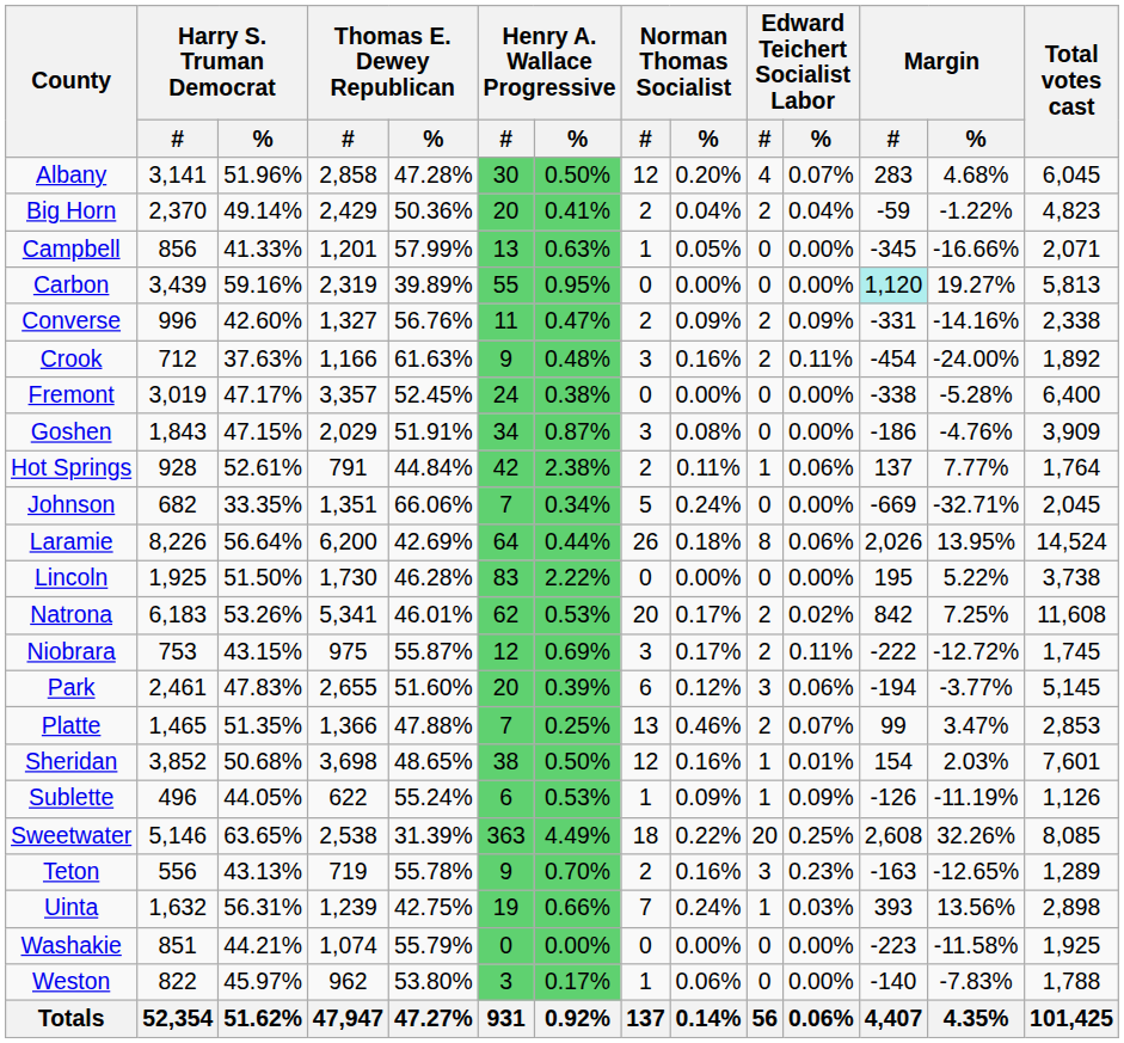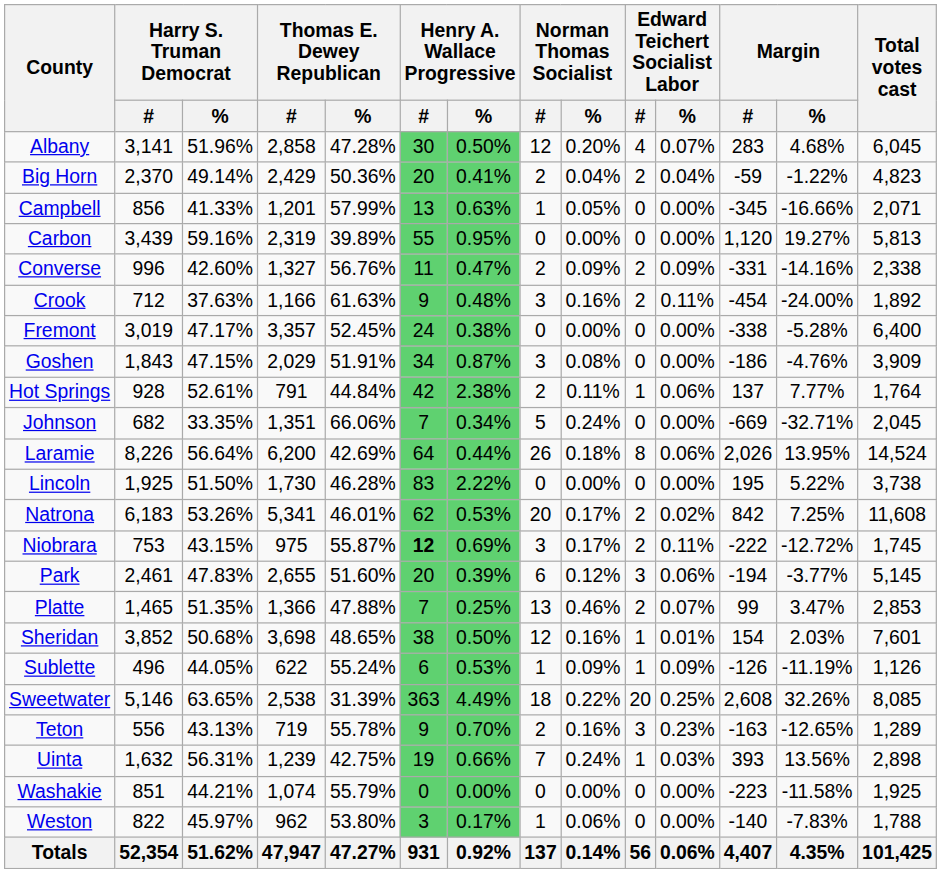 <table width="60%" class="wikitable sortable" style="text-align:center">
 <tr>
 <th style="text-align:center;" rowspan="2">County</th>
 <th style="text-align:center;" colspan="2">Harry S. Truman<br>Democrat</th>
 <th style="text-align:center;" colspan="2">Thomas E. Dewey<br>Republican</th>
 <th style="text-align:center;" colspan="2">Henry A. Wallace<br>Progressive</th>
 <th style="text-align:center;" colspan="2">Norman Thomas<br>Socialist</th>
 <th style="text-align:center;" colspan="2">Edward Teichert<br>Socialist Labor</th>
 <th style="text-align:center;" colspan="2">Margin</th>
 <th style="text-align:center;" rowspan="2">Total votes cast</th>
 </tr>
 <tr>
 <th style="text-align:center;" data-sort-type="number">#</th>
 <th style="text-align:center;" data-sort-type="number">%</th>
 <th style="text-align:center;" data-sort-type="number">#</th>
 <th style="text-align:center;" data-sort-type="number">%</th>
 <th style="text-align:center;" data-sort-type="number">#</th>
 <th style="text-align:center;" data-sort-type="number">%</th>
 <th style="text-align:center;" data-sort-type="number">#</th>
 <th style="text-align:center;" data-sort-type="number">%</th>
 <th style="text-align:center;" data-sort-type="number">#</th>
 <th style="text-align:center;" data-sort-type="number">%</th>
 <th style="text-align:center;" data-sort-type="number">#</th>
 <th style="text-align:center;" data-sort-type="number">%</th>
 </tr>
 <tr style="text-align:center;">
 <td><a href='#'>Albany</a></td>
 <td>3,141</td>
 <td>51.96%</td>
 <td>2,858</td>
 <td>47.28%</td>
 <td bgcolor="#5FD170">30</td>
 <td bgcolor="#5FD170">0.50%</td>
 <td>12</td>
 <td>0.20%</td>
 <td>4</td>
 <td>0.07%</td>
 <td>283</td>
 <td>4.68%</td>
 <td>6,045</td>
 </tr>
 <tr style="text-align:center;">
 <td><a href='#'>Big Horn</a></td>
 <td>2,370</td>
 <td>49.14%</td>
 <td>2,429</td>
 <td>50.36%</td>
 <td bgcolor="#5FD170">20</td>
 <td bgcolor="#5FD170">0.41%</td>
 <td>2</td>
 <td>0.04%</td>
 <td>2</td>
 <td>0.04%</td>
 <td>-59</td>
 <td>-1.22%</td>
 <td>4,823</td>
 </tr>
 <tr style="text-align:center;">
 <td><a href='#'>Campbell</a></td>
 <td>856</td>
 <td>41.33%</td>
 <td>1,201</td>
 <td>57.99%</td>
 <td bgcolor="#5FD170">13</td>
 <td bgcolor="#5FD170">0.63%</td>
 <td>1</td>
 <td>0.05%</td>
 <td>0</td>
 <td>0.00%</td>
 <td>-345</td>
 <td>-16.66%</td>
 <td>2,071</td>
 </tr>
 <tr style="text-align:center;">
 <td><a href='#'>Carbon</a></td>
 <td>3,439</td>
 <td>59.16%</td>
 <td>2,319</td>
 <td>39.89%</td>
 <td bgcolor="#5FD170">55</td>
 <td bgcolor="#5FD170">0.95%</td>
 <td>0</td>
 <td>0.00%</td>
 <td>0</td>
 <td>0.00%</td>
-<td style="background: paleturquoise;">1,120</td>
+<td>1,120</td>
 <td>19.27%</td>
 <td>5,813</td>
 </tr>
 <tr style="text-align:center;">
 <td><a href='#'>Converse</a></td>
 <td>996</td>
 <td>42.60%</td>
 <td>1,327</td>
 <td>56.76%</td>
 <td bgcolor="#5FD170">11</td>
 <td bgcolor="#5FD170">0.47%</td>
 <td>2</td>
 <td>0.09%</td>
 <td>2</td>
 <td>0.09%</td>
 <td>-331</td>
 <td>-14.16%</td>
 <td>2,338</td>
 </tr>
 <tr style="text-align:center;">
 <td><a href='#'>Crook</a></td>
 <td>712</td>
 <td>37.63%</td>
 <td>1,166</td>
 <td>61.63%</td>
 <td bgcolor="#5FD170">9</td>
 <td bgcolor="#5FD170">0.48%</td>
 <td>3</td>
 <td>0.16%</td>
 <td>2</td>
 <td>0.11%</td>
 <td>-454</td>
 <td>-24.00%</td>
 <td>1,892</td>
 </tr>
 <tr style="text-align:center;">
 <td><a href='#'>Fremont</a></td>
 <td>3,019</td>
 <td>47.17%</td>
 <td>3,357</td>
 <td>52.45%</td>
 <td bgcolor="#5FD170">24</td>
 <td bgcolor="#5FD170">0.38%</td>
 <td>0</td>
 <td>0.00%</td>
 <td>0</td>
 <td>0.00%</td>
 <td>-338</td>
 <td>-5.28%</td>
 <td>6,400</td>
 </tr>
 <tr style="text-align:center;">
 <td><a href='#'>Goshen</a></td>
 <td>1,843</td>
 <td>47.15%</td>
 <td>2,029</td>
 <td>51.91%</td>
 <td bgcolor="#5FD170">34</td>
 <td bgcolor="#5FD170">0.87%</td>
 <td>3</td>
 <td>0.08%</td>
 <td>0</td>
 <td>0.00%</td>
 <td>-186</td>
 <td>-4.76%</td>
 <td>3,909</td>
 </tr>
 <tr style="text-align:center;">
 <td><a href='#'>Hot Springs</a></td>
 <td>928</td>
 <td>52.61%</td>
 <td>791</td>
 <td>44.84%</td>
 <td bgcolor="#5FD170">42</td>
 <td bgcolor="#5FD170">2.38%</td>
 <td>2</td>
 <td>0.11%</td>
 <td>1</td>
 <td>0.06%</td>
 <td>137</td>
 <td>7.77%</td>
 <td>1,764</td>
 </tr>
 <tr style="text-align:center;">
 <td><a href='#'>Johnson</a></td>
 <td>682</td>
 <td>33.35%</td>
 <td>1,351</td>
 <td>66.06%</td>
 <td bgcolor="#5FD170">7</td>
 <td bgcolor="#5FD170">0.34%</td>
 <td>5</td>
 <td>0.24%</td>
 <td>0</td>
 <td>0.00%</td>
 <td>-669</td>
 <td>-32.71%</td>
 <td>2,045</td>
 </tr>
 <tr style="text-align:center;">
 <td><a href='#'>Laramie</a></td>
 <td>8,226</td>
 <td>56.64%</td>
 <td>6,200</td>
 <td>42.69%</td>
 <td bgcolor="#5FD170">64</td>
 <td bgcolor="#5FD170">0.44%</td>
 <td>26</td>
 <td>0.18%</td>
 <td>8</td>
 <td>0.06%</td>
 <td>2,026</td>
 <td>13.95%</td>
 <td>14,524</td>
 </tr>
 <tr style="text-align:center;">
 <td><a href='#'>Lincoln</a></td>
 <td>1,925</td>
 <td>51.50%</td>
 <td>1,730</td>
 <td>46.28%</td>
 <td bgcolor="#5FD170">83</td>
 <td bgcolor="#5FD170">2.22%</td>
 <td>0</td>
 <td>0.00%</td>
 <td>0</td>
 <td>0.00%</td>
 <td>195</td>
 <td>5.22%</td>
 <td>3,738</td>
 </tr>
 <tr style="text-align:center;">
 <td><a href='#'>Natrona</a></td>
 <td>6,183</td>
 <td>53.26%</td>
 <td>5,341</td>
 <td>46.01%</td>
 <td bgcolor="#5FD170">62</td>
 <td bgcolor="#5FD170">0.53%</td>
 <td>20</td>
 <td>0.17%</td>
 <td>2</td>
 <td>0.02%</td>
 <td>842</td>
 <td>7.25%</td>
 <td>11,608</td>
 </tr>
 <tr style="text-align:center;">
 <td><a href='#'>Niobrara</a></td>
 <td>753</td>
 <td>43.15%</td>
 <td>975</td>
 <td>55.87%</td>
-<td bgcolor="#5FD170">12</td>
+<td bgcolor="#5FD170"><strong>12</strong></td>
 <td bgcolor="#5FD170">0.69%</td>
 <td>3</td>
 <td>0.17%</td>
 <td>2</td>
 <td>0.11%</td>
 <td>-222</td>
 <td>-12.72%</td>
 <td>1,745</td>
 </tr>
 <tr style="text-align:center;">
 <td><a href='#'>Park</a></td>
 <td>2,461</td>
 <td>47.83%</td>
 <td>2,655</td>
 <td>51.60%</td>
 <td bgcolor="#5FD170">20</td>
 <td bgcolor="#5FD170">0.39%</td>
 <td>6</td>
 <td>0.12%</td>
 <td>3</td>
 <td>0.06%</td>
 <td>-194</td>
 <td>-3.77%</td>
 <td>5,145</td>
 </tr>
 <tr style="text-align:center;">
 <td><a href='#'>Platte</a></td>
 <td>1,465</td>
 <td>51.35%</td>
 <td>1,366</td>
 <td>47.88%</td>
 <td bgcolor="#5FD170">7</td>
 <td bgcolor="#5FD170">0.25%</td>
 <td>13</td>
 <td>0.46%</td>
 <td>2</td>
 <td>0.07%</td>
 <td>99</td>
 <td>3.47%</td>
 <td>2,853</td>
 </tr>
 <tr style="text-align:center;">
 <td><a href='#'>Sheridan</a></td>
 <td>3,852</td>
 <td>50.68%</td>
 <td>3,698</td>
 <td>48.65%</td>
 <td bgcolor="#5FD170">38</td>
 <td bgcolor="#5FD170">0.50%</td>
 <td>12</td>
 <td>0.16%</td>
 <td>1</td>
 <td>0.01%</td>
 <td>154</td>
 <td>2.03%</td>
 <td>7,601</td>
 </tr>
 <tr style="text-align:center;">
 <td><a href='#'>Sublette</a></td>
 <td>496</td>
 <td>44.05%</td>
 <td>622</td>
 <td>55.24%</td>
 <td bgcolor="#5FD170">6</td>
 <td bgcolor="#5FD170">0.53%</td>
 <td>1</td>
 <td>0.09%</td>
 <td>1</td>
 <td>0.09%</td>
 <td>-126</td>
 <td>-11.19%</td>
 <td>1,126</td>
 </tr>
 <tr style="text-align:center;">
 <td><a href='#'>Sweetwater</a></td>
 <td>5,146</td>
 <td>63.65%</td>
 <td>2,538</td>
 <td>31.39%</td>
 <td bgcolor="#5FD170">363</td>
 <td bgcolor="#5FD170">4.49%</td>
 <td>18</td>
 <td>0.22%</td>
 <td>20</td>
 <td>0.25%</td>
 <td>2,608</td>
 <td>32.26%</td>
 <td>8,085</td>
 </tr>
 <tr style="text-align:center;">
 <td><a href='#'>Teton</a></td>
 <td>556</td>
 <td>43.13%</td>
 <td>719</td>
 <td>55.78%</td>
 <td bgcolor="#5FD170">9</td>
 <td bgcolor="#5FD170">0.70%</td>
 <td>2</td>
 <td>0.16%</td>
 <td>3</td>
 <td>0.23%</td>
 <td>-163</td>
 <td>-12.65%</td>
 <td>1,289</td>
 </tr>
 <tr style="text-align:center;">
 <td><a href='#'>Uinta</a></td>
 <td>1,632</td>
 <td>56.31%</td>
 <td>1,239</td>
 <td>42.75%</td>
 <td bgcolor="#5FD170">19</td>
 <td bgcolor="#5FD170">0.66%</td>
 <td>7</td>
 <td>0.24%</td>
 <td>1</td>
 <td>0.03%</td>
 <td>393</td>
 <td>13.56%</td>
 <td>2,898</td>
 </tr>
 <tr style="text-align:center;">
 <td><a href='#'>Washakie</a></td>
 <td>851</td>
 <td>44.21%</td>
 <td>1,074</td>
 <td>55.79%</td>
 <td bgcolor="#5FD170">0</td>
 <td bgcolor="#5FD170">0.00%</td>
 <td>0</td>
 <td>0.00%</td>
 <td>0</td>
 <td>0.00%</td>
 <td>-223</td>
 <td>-11.58%</td>
 <td>1,925</td>
 </tr>
 <tr style="text-align:center;">
 <td><a href='#'>Weston</a></td>
 <td>822</td>
 <td>45.97%</td>
 <td>962</td>
 <td>53.80%</td>
 <td bgcolor="#5FD170">3</td>
 <td bgcolor="#5FD170">0.17%</td>
 <td>1</td>
 <td>0.06%</td>
 <td>0</td>
 <td>0.00%</td>
 <td>-140</td>
 <td>-7.83%</td>
 <td>1,788</td>
 </tr>
 <tr style="text-align:center;">
 <th>Totals</th>
 <th>52,354</th>
 <th>51.62%</th>
 <th>47,947</th>
 <th>47.27%</th>
 <th>931</th>
 <th>0.92%</th>
 <th>137</th>
 <th>0.14%</th>
 <th>56</th>
 <th>0.06%</th>
 <th>4,407</th>
 <th>4.35%</th>
 <th>101,425</th>
 </tr>
 </table>
